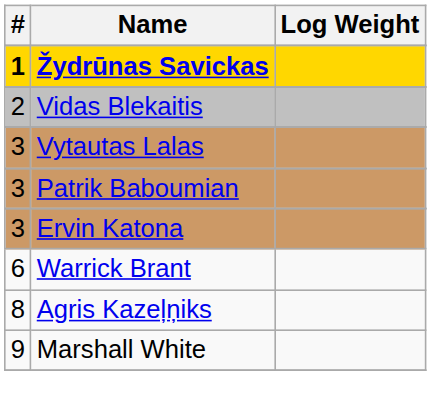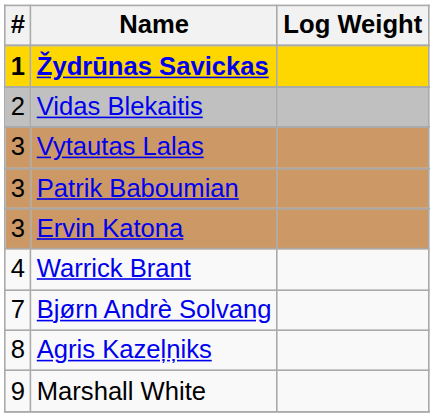 <table class="wikitable" style="display: inline-table">
 <tr>
 <th>#</th>
 <th>Name</th>
 <th>Log Weight</th>
 </tr>
 <tr>
 </tr>
 <tr style="background:gold;">
 <td><strong>1</strong></td>
 <td> <strong><a href='#'>Žydrūnas Savickas</a></strong></td>
 <td></td>
 </tr>
 <tr>
 </tr>
 <tr style="background:silver;">
 <td>2</td>
 <td> <a href='#'>Vidas Blekaitis</a></td>
 <td></td>
 </tr>
 <tr>
 </tr>
 <tr style="background:#c96;">
 <td>3</td>
 <td> <a href='#'>Vytautas Lalas</a></td>
 <td></td>
 </tr>
 <tr>
 </tr>
 <tr style="background:#c96;">
 <td>3</td>
 <td> <a href='#'>Patrik Baboumian</a></td>
 <td></td>
 </tr>
 <tr>
 </tr>
 <tr style="background:#c96;">
 <td>3</td>
 <td> <a href='#'>Ervin Katona</a></td>
 <td></td>
 </tr>
 <tr>
-<td>6</td>
+<td>4</td>
 <td> <a href='#'>Warrick Brant</a></td>
+<td></td>
+</tr>
+<tr>
+<td>7</td>
+<td> <a href='#'>Bjørn Andrè Solvang</a></td>
 <td></td>
 </tr>
 <tr>
 <td>8</td>
 <td> <a href='#'>Agris Kazeļņiks</a></td>
 <td></td>
 </tr>
 <tr>
 <td>9</td>
 <td> Marshall White</td>
 <td></td>
 </tr>
 <tr>
 </tr>
 </table>
